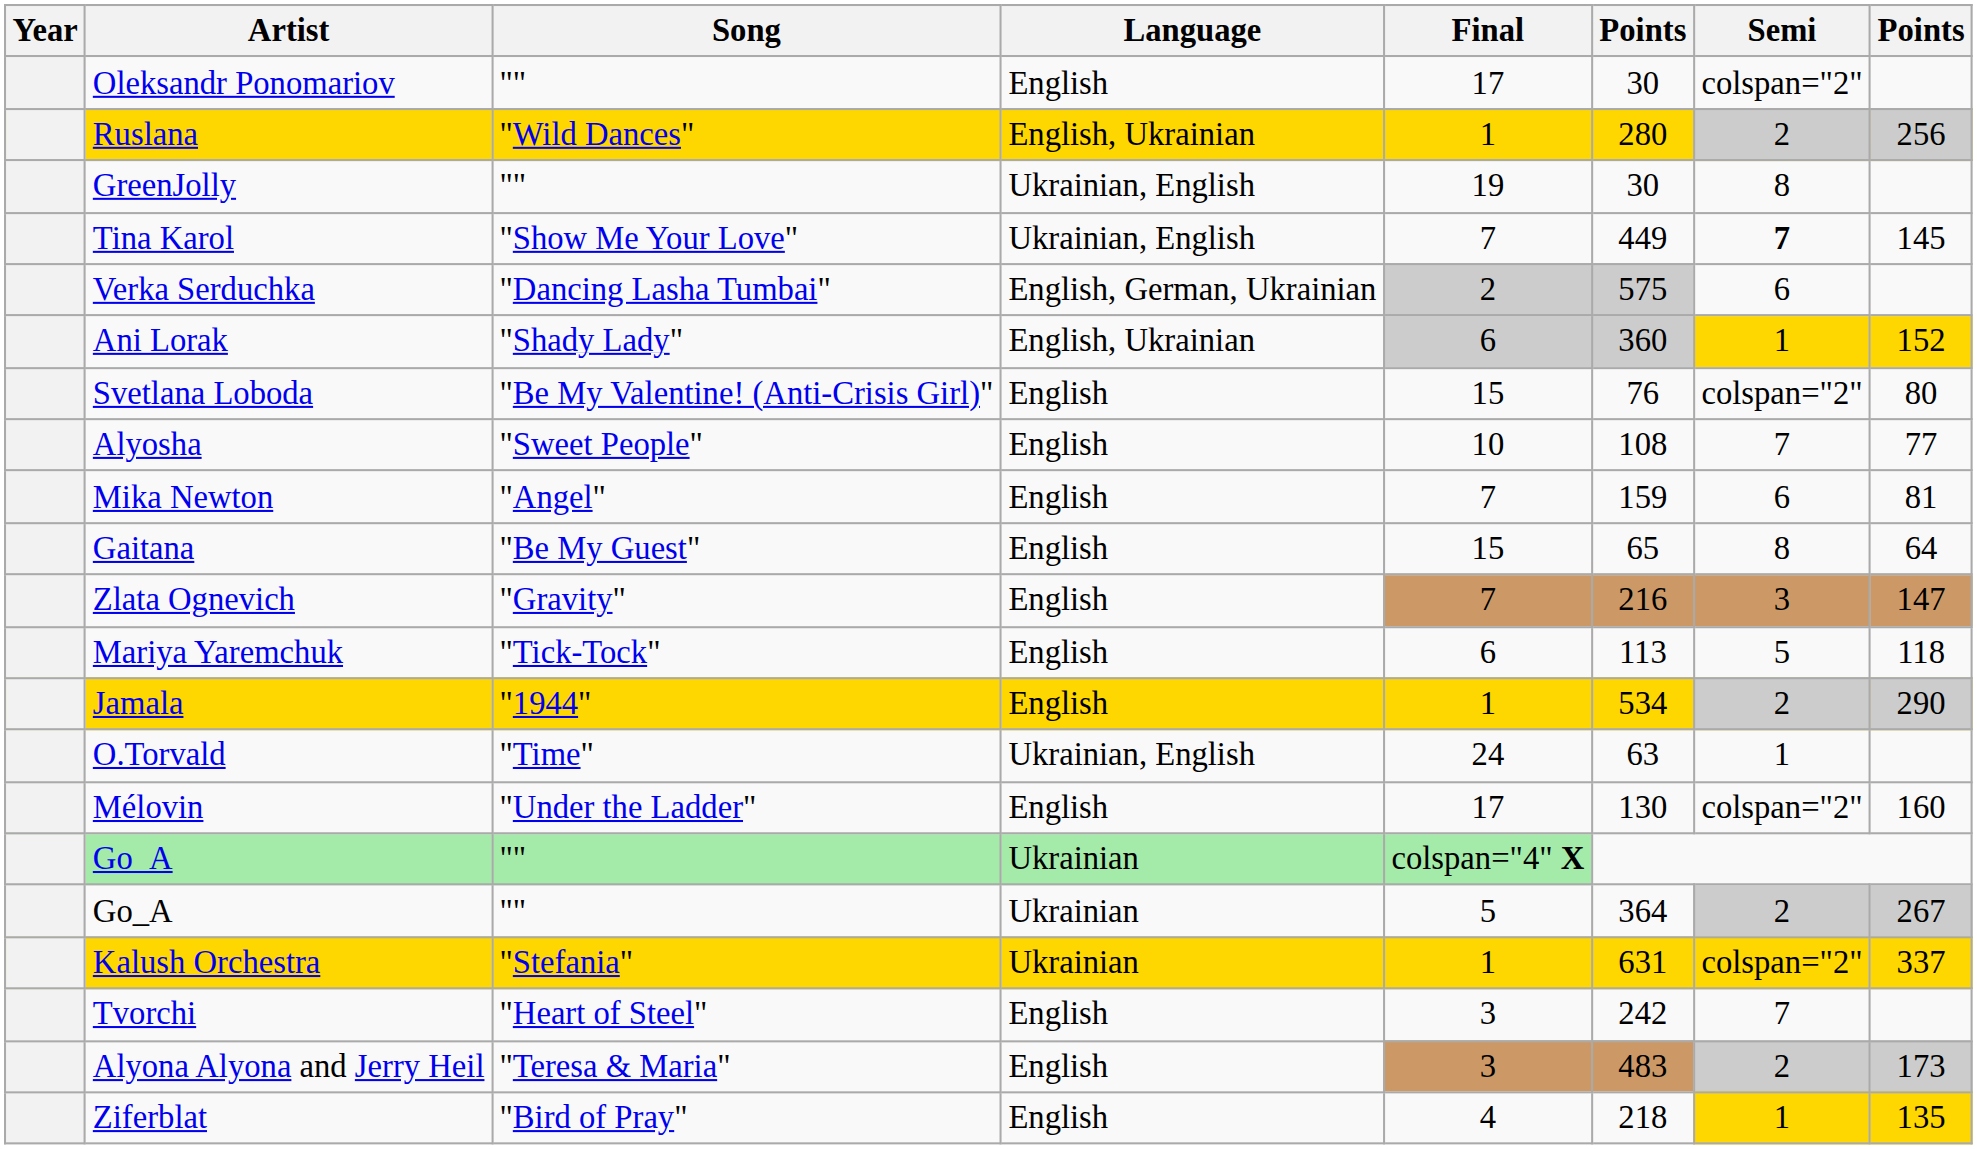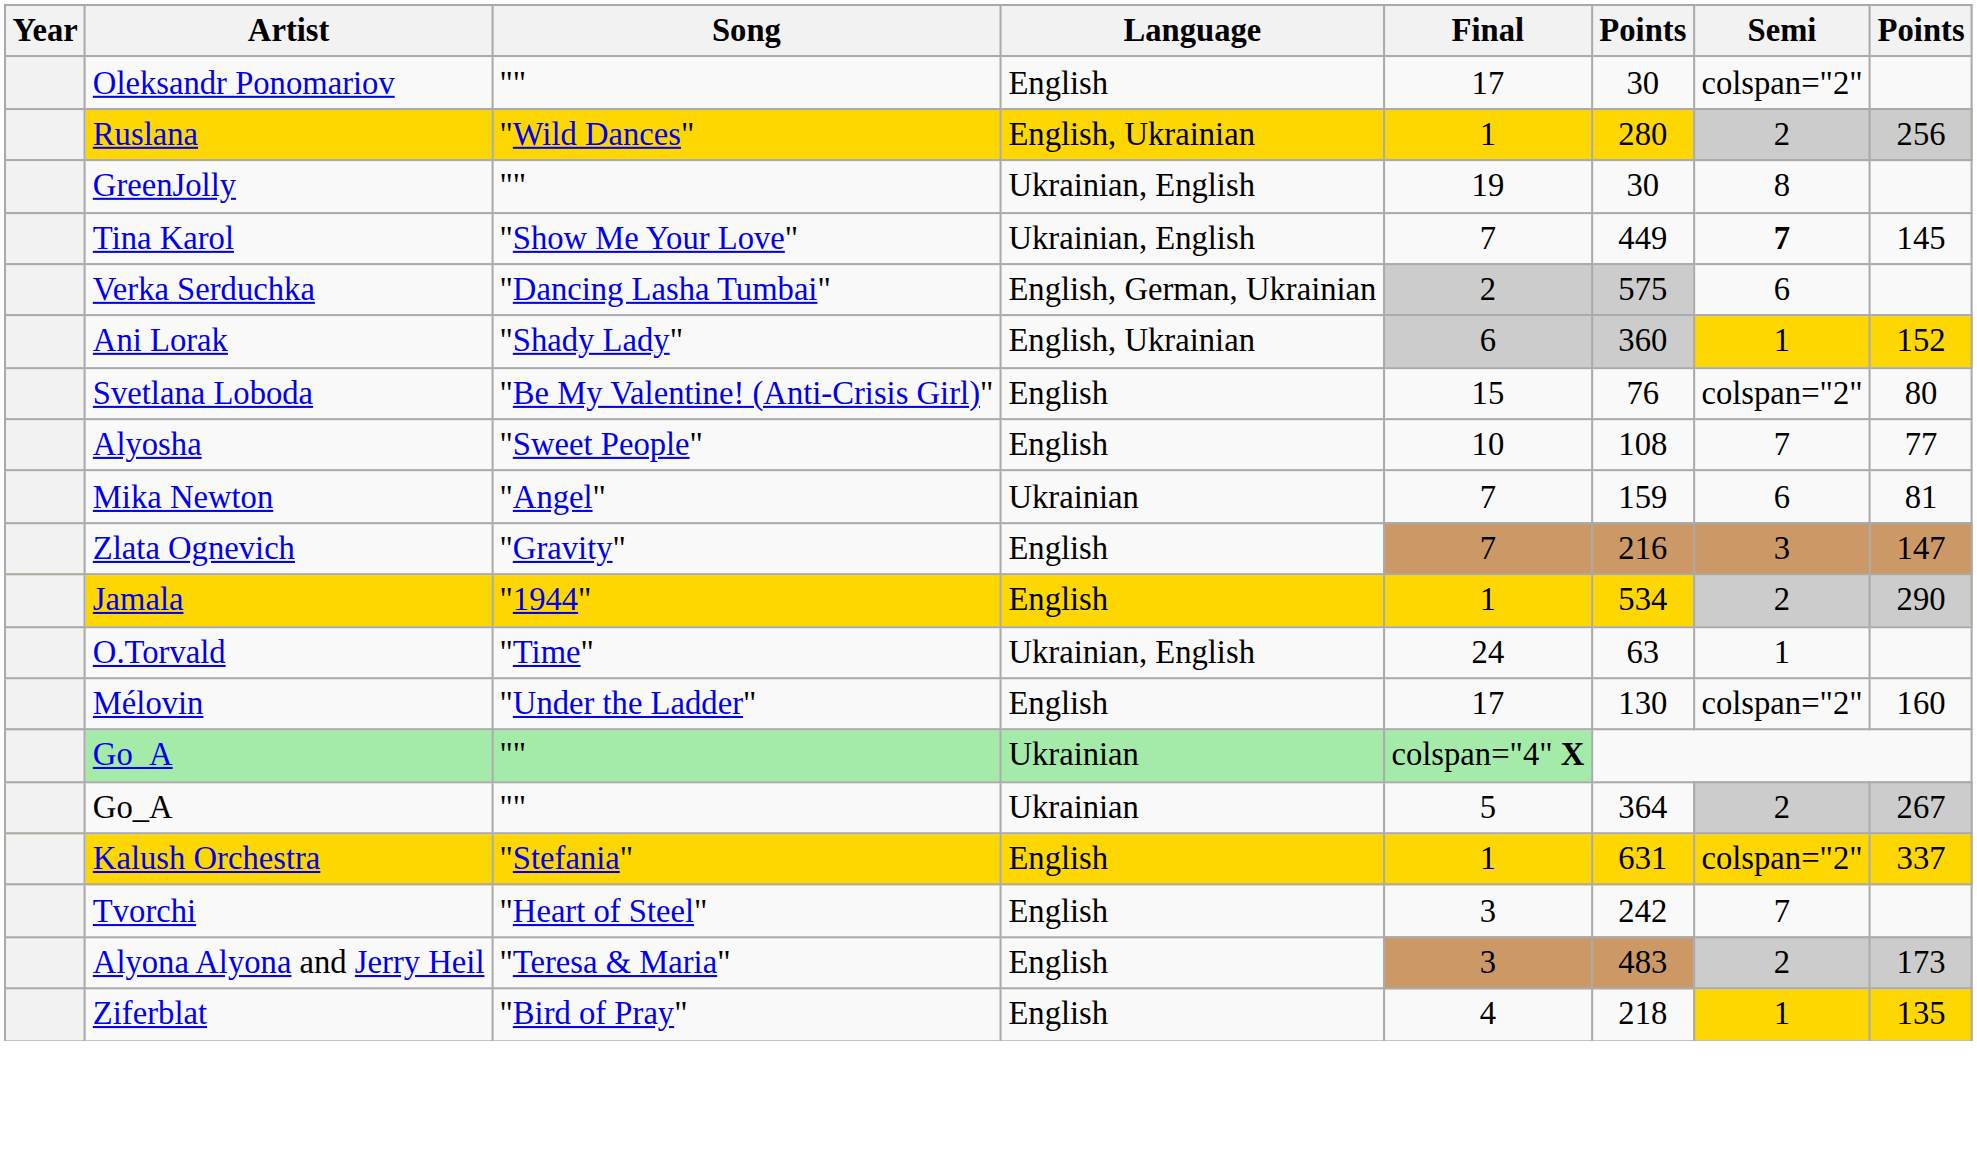 <table class="wikitable sortable plainrowheaders">
 <tr>
 <th scope="col">Year</th>
 <th scope="col">Artist</th>
 <th scope="col">Song</th>
 <th scope="col">Language</th>
 <th scope="col" data-sort-type="number">Final</th>
 <th scope="col" data-sort-type="number">Points</th>
 <th scope="col" data-sort-type="number">Semi</th>
 <th scope="col" data-sort-type="number">Points</th>
 </tr>
 <tr>
 <th scope="row" style="text-align:center;"></th>
 <td><a href='#'>Oleksandr Ponomariov</a></td>
 <td>""</td>
 <td>English</td>
 <td style="text-align:center;">17</td>
 <td style="text-align:center;">30</td>
 <td>colspan="2" </td>
 </tr>
 <tr style="background-color:#FFD700;">
 <th scope="row" style="text-align:center;"></th>
 <td><a href='#'>Ruslana</a></td>
 <td>"<a href='#'>Wild Dances</a>"</td>
 <td>English, Ukrainian</td>
 <td style="text-align:center;">1</td>
 <td style="text-align:center;">280</td>
 <td style="text-align:center; background-color:#CCC;">2</td>
 <td style="text-align:center; background-color:#CCC;">256</td>
 </tr>
 <tr>
 <th scope="row" style="text-align:center;"></th>
 <td><a href='#'>GreenJolly</a></td>
 <td>"" </td>
 <td>Ukrainian, English</td>
 <td style="text-align:center;">19</td>
 <td style="text-align:center;">30</td>
 <td style="text-align:center;">8</td>
 </tr>
 <tr>
 <th scope="row" style="text-align:center;"></th>
 <td><a href='#'>Tina Karol</a></td>
 <td>"<a href='#'>Show Me Your Love</a>"</td>
 <td>Ukrainian, English</td>
 <td style="text-align:center;">7</td>
 <td style="text-align:center;">449</td>
 <td style="text-align:center;"><strong>7</strong></td>
 <td style="text-align:center;">145</td>
 </tr>
 <tr>
 <th scope="row" style="text-align:center;"></th>
 <td><a href='#'>Verka Serduchka</a></td>
 <td>"<a href='#'>Dancing Lasha Tumbai</a>"</td>
 <td>English, German, Ukrainian</td>
 <td style="text-align:center; background-color:#CCC;">2</td>
 <td style="text-align:center; background-color:#CCC;">575</td>
 <td style="text-align:center;">6</td>
 </tr>
 <tr>
 <th scope="row" style="text-align:center;"></th>
 <td><a href='#'>Ani Lorak</a></td>
 <td>"<a href='#'>Shady Lady</a>"</td>
 <td>English, Ukrainian</td>
 <td style="text-align:center; background-color:#CCC;">6</td>
 <td style="text-align:center; background-color:#CCC;">360</td>
 <td style="text-align:center; background-color:#FFD700;">1</td>
 <td style="text-align:center; background-color:#FFD700;">152</td>
 </tr>
 <tr>
 <th scope="row" style="text-align:center;"></th>
 <td><a href='#'>Svetlana Loboda</a></td>
 <td>"<a href='#'>Be My Valentine! (Anti-Crisis Girl)</a>"</td>
 <td>English</td>
 <td style="text-align:center;">15</td>
 <td style="text-align:center;">76</td>
 <td>colspan="2" </td>
 <td style="text-align:center;">80</td>
 </tr>
 <tr>
 <th scope="row" style="text-align:center;"></th>
 <td><a href='#'>Alyosha</a></td>
 <td>"<a href='#'>Sweet People</a>"</td>
 <td>English</td>
 <td style="text-align:center;">10</td>
 <td style="text-align:center;">108</td>
 <td style="text-align:center;">7</td>
 <td style="text-align:center;">77</td>
 </tr>
 <tr>
 <th scope="row" style="text-align:center;"></th>
 <td><a href='#'>Mika Newton</a></td>
 <td>"<a href='#'>Angel</a>"</td>
-<td>English</td>
+<td>Ukrainian</td>
 <td style="text-align:center;">7</td>
 <td style="text-align:center;">159</td>
 <td style="text-align:center;">6</td>
 <td style="text-align:center;">81</td>
-</tr>
-<tr>
-<th scope="row" style="text-align:center;"></th>
-<td><a href='#'>Gaitana</a></td>
-<td>"<a href='#'>Be My Guest</a>"</td>
-<td>English</td>
-<td style="text-align:center;">15</td>
-<td style="text-align:center;">65</td>
-<td style="text-align:center;">8</td>
-<td style="text-align:center;">64</td>
 </tr>
 <tr>
 <th scope="row" style="text-align:center;"></th>
 <td><a href='#'>Zlata Ognevich</a></td>
 <td>"<a href='#'>Gravity</a>"</td>
 <td>English</td>
 <td style="text-align:center; background-color:#C96;">7</td>
 <td style="text-align:center; background-color:#C96;">216</td>
 <td style="text-align:center; background-color:#C96;">3</td>
 <td style="text-align:center; background-color:#C96;">147</td>
-</tr>
-<tr>
-<th scope="row" style="text-align:center;"></th>
-<td><a href='#'>Mariya Yaremchuk</a></td>
-<td>"<a href='#'>Tick-Tock</a>"</td>
-<td>English</td>
-<td style="text-align:center;">6</td>
-<td style="text-align:center;">113</td>
-<td style="text-align:center;">5</td>
-<td style="text-align:center;">118</td>
 </tr>
 <tr style="background-color:#FFD700;">
 <th scope="row" style="text-align:center;"></th>
 <td><a href='#'>Jamala</a></td>
 <td>"<a href='#'>1944</a>"</td>
 <td>English</td>
 <td style="text-align:center;">1</td>
 <td style="text-align:center;">534</td>
 <td style="text-align:center; background-color:#CCC;">2</td>
 <td style="text-align:center; background-color:#CCC;">290</td>
 </tr>
 <tr>
 <th scope="row" style="text-align:center;"></th>
 <td><a href='#'>O.Torvald</a></td>
 <td>"<a href='#'>Time</a>"</td>
 <td>Ukrainian, English</td>
 <td style="text-align:center;">24</td>
 <td style="text-align:center;">63</td>
 <td style="text-align:center;">1</td>
 </tr>
 <tr>
 <th scope="row" style="text-align:center;"></th>
 <td><a href='#'>Mélovin</a></td>
 <td>"<a href='#'>Under the Ladder</a>"</td>
 <td>English</td>
 <td style="text-align:center;">17</td>
 <td style="text-align:center;">130</td>
 <td>colspan="2" </td>
 <td style="text-align:center;">160</td>
 </tr>
 <tr style="background-color:#A4EAA9;">
 <th scope="row" style="text-align:center;"></th>
 <td><a href='#'>Go_A</a></td>
 <td>"" </td>
 <td>Ukrainian</td>
 <td>colspan="4"  <strong>X</strong></td>
 </tr>
 <tr>
 <th scope="row" style="text-align:center;"></th>
 <td>Go_A</td>
 <td>"" </td>
 <td>Ukrainian</td>
 <td style="text-align:center;">5</td>
 <td style="text-align:center;">364</td>
 <td style="text-align:center; background-color:#CCC;">2</td>
 <td style="text-align:center; background-color:#CCC;">267</td>
 </tr>
 <tr style="background-color:#FFD700;">
 <th scope="row" style="text-align:center;"></th>
 <td><a href='#'>Kalush Orchestra</a></td>
 <td>"<a href='#'>Stefania</a>" </td>
-<td>Ukrainian</td>
+<td>English</td>
 <td style="text-align:center;">1</td>
 <td style="text-align:center;">631</td>
 <td>colspan="2" </td>
 <td style="text-align:center;">337</td>
 </tr>
 <tr>
 <th scope="row" style="text-align:center;"></th>
 <td><a href='#'>Tvorchi</a></td>
 <td>"<a href='#'>Heart of Steel</a>"</td>
 <td>English</td>
 <td style="text-align:center;">3</td>
 <td style="text-align:center;">242</td>
 <td style="text-align:center;">7</td>
 </tr>
 <tr>
 <th scope="row" style="text-align:center;"></th>
 <td><a href='#'>Alyona Alyona</a> and <a href='#'>Jerry Heil</a></td>
 <td>"<a href='#'>Teresa & Maria</a>"</td>
 <td>English</td>
 <td style="text-align:center; background-color:#C96;">3</td>
 <td style="text-align:center; background-color:#C96;">483</td>
 <td style="text-align:center; background-color:#CCC;">2</td>
 <td style="text-align:center; background-color:#CCC;">173</td>
 </tr>
 <tr>
 <th scope="row" style="text-align:center;"></th>
 <td><a href='#'>Ziferblat</a></td>
 <td>"<a href='#'>Bird of Pray</a>"</td>
 <td>English</td>
 <td style="text-align:center;">4</td>
 <td style="text-align:center;">218</td>
 <td style="text-align:center; background-color:#FFD700;">1</td>
 <td style="text-align:center; background-color:#FFD700;">135</td>
 </tr>
 </table>
